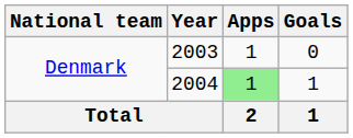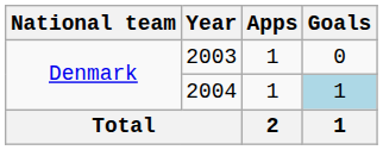 <table class="wikitable" style="text-align:center">
 <tr>
 <th>National team</th>
 <th>Year</th>
 <th>Apps</th>
 <th>Goals</th>
 </tr>
 <tr>
 <td rowspan=2><a href='#'>Denmark</a></td>
 <td>2003</td>
 <td>1</td>
 <td>0</td>
 </tr>
 <tr>
 <td>2004</td>
-<td style="background: lightgreen;">1</td>
 <td>1</td>
+<td style="background: lightblue;">1</td>
 </tr>
 <tr>
 <th colspan=2>Total</th>
 <th>2</th>
 <th>1</th>
 </tr>
 </table>
